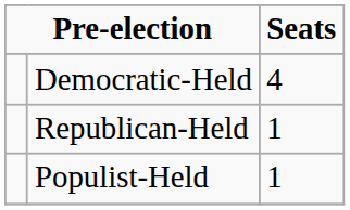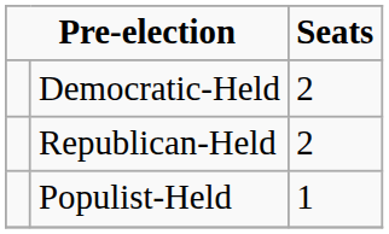 <table class= "wikitable">
 <tr>
 <td colspan= "2" rowspan= "1" align= "center" valign= "top"><strong>Pre-election</strong></td>
 <td valign= "top"><strong>Seats</strong><br></td>
 </tr>
 <tr>
 <td style="background-color:"> </td>
 <td>Democratic-Held</td>
-<td>4</td>
+<td>2</td>
 </tr>
 <tr>
 <td style="background-color:"> </td>
 <td>Republican-Held</td>
-<td>1</td>
+<td>2</td>
 </tr>
 <tr>
 <td style="background-color:"> </td>
 <td>Populist-Held</td>
 <td>1</td>
 </tr>
 <tr>
 </tr>
 </table>
